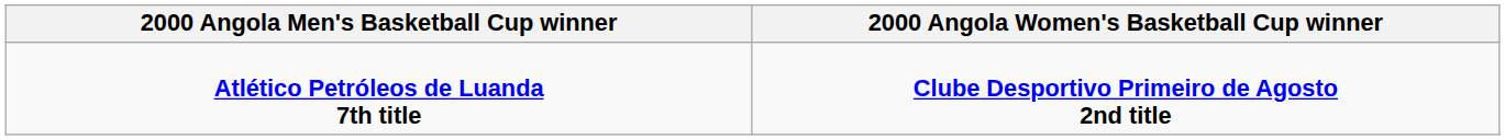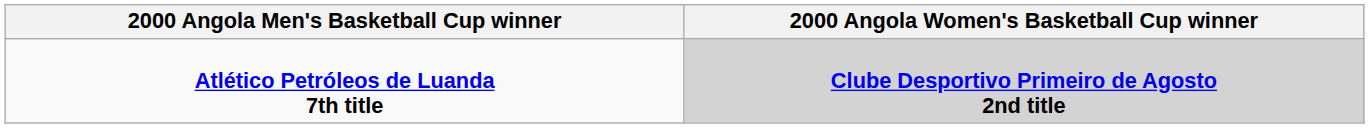 <table class=wikitable style="text-align:center; width: 1000px; margin:auto">
 <tr>
 <th width=600px>2000 Angola Men's Basketball Cup winner</th>
 <th width=600px>2000 Angola Women's Basketball Cup winner</th>
 </tr>
 <tr>
 <td><br><strong><a href='#'>Atlético Petróleos de Luanda</a></strong><br><strong>7th title</strong></td>
-<td><br><strong><a href='#'>Clube Desportivo Primeiro de Agosto</a></strong><br><strong>2nd title</strong></td>
+<td style="background: lightgrey;"><br><strong><a href='#'>Clube Desportivo Primeiro de Agosto</a></strong><br><strong>2nd title</strong></td>
 </tr>
 </table>
